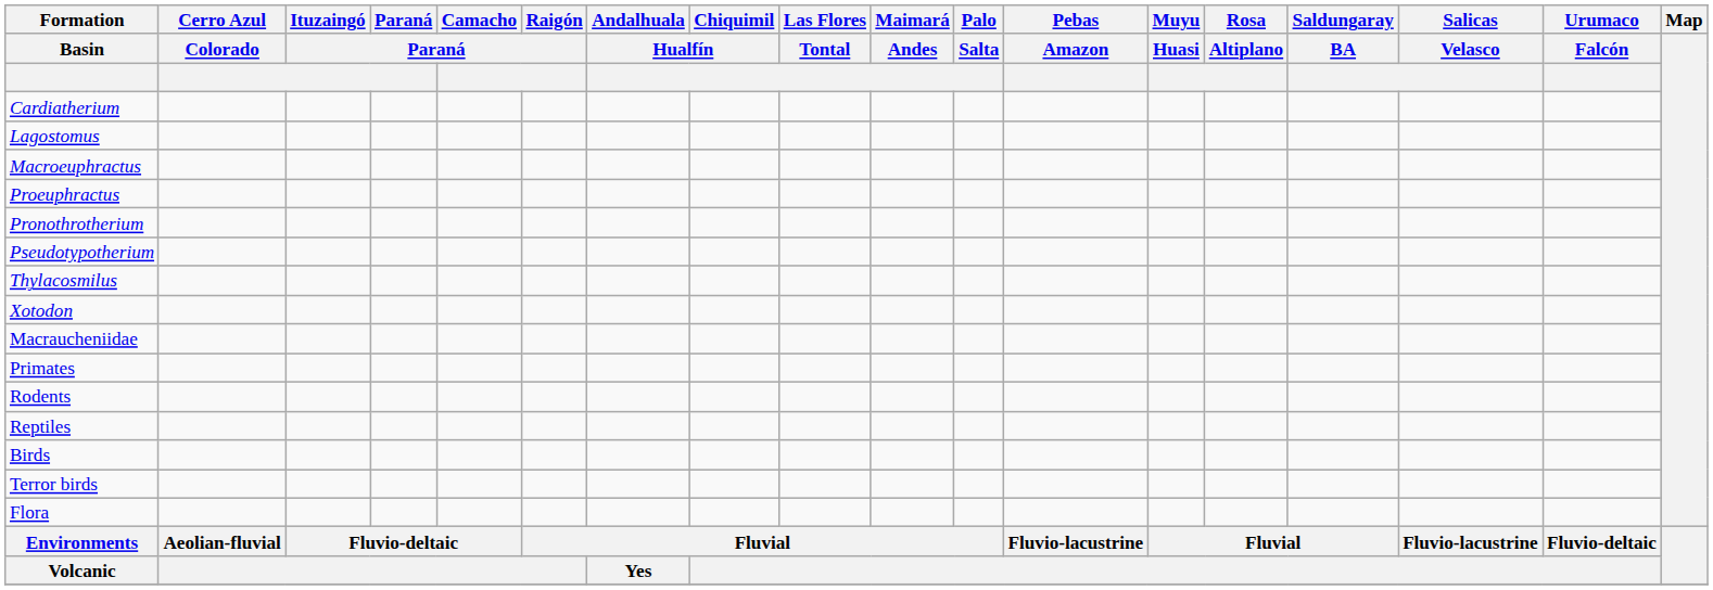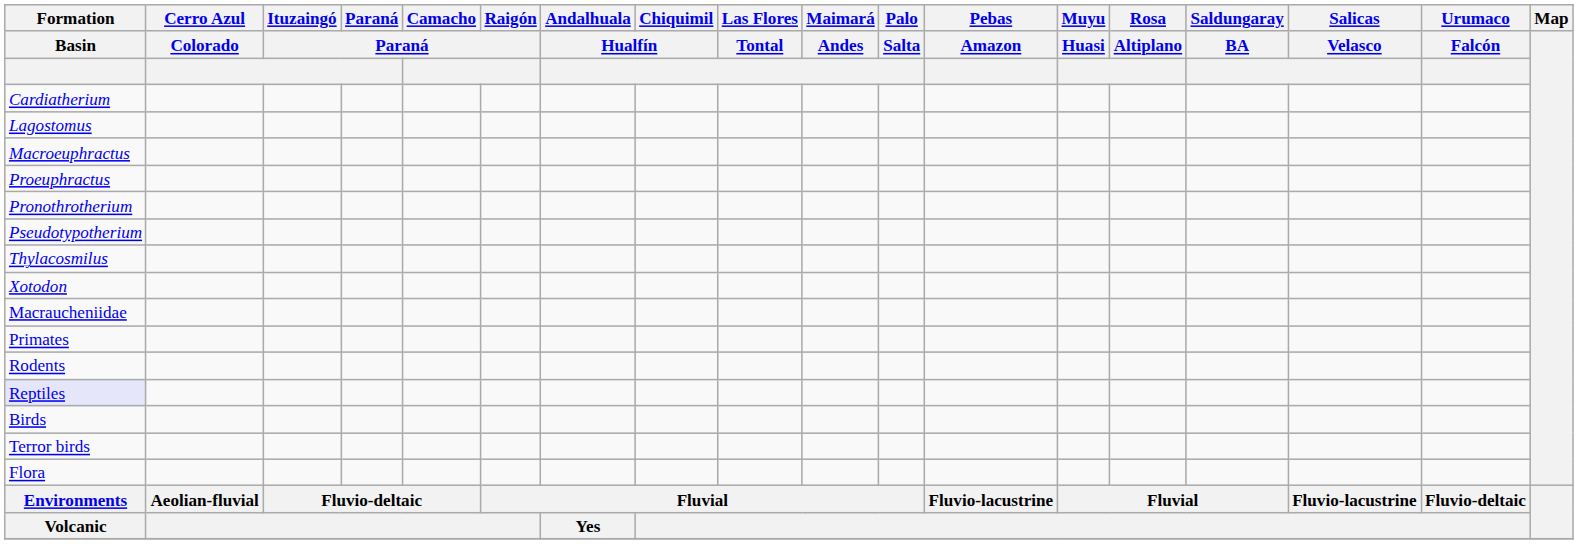 <table class="wikitable" style="font-size: 70%">
 <tr>
 <th>Formation</th>
 <th><a href='#'>Cerro Azul</a></th>
 <th><a href='#'>Ituzaingó</a></th>
 <th><a href='#'>Paraná</a></th>
 <th><a href='#'>Camacho</a></th>
 <th><a href='#'>Raigón</a></th>
 <th><a href='#'>Andalhuala</a></th>
 <th><a href='#'>Chiquimil</a></th>
 <th><a href='#'>Las Flores</a></th>
 <th><a href='#'>Maimará</a></th>
 <th><a href='#'>Palo</a></th>
 <th><a href='#'>Pebas</a></th>
 <th><a href='#'>Muyu</a></th>
 <th><a href='#'>Rosa</a></th>
 <th><a href='#'>Saldungaray</a></th>
 <th><a href='#'>Salicas</a></th>
 <th><a href='#'>Urumaco</a></th>
 <th>Map</th>
 </tr>
 <tr>
 <th>Basin</th>
 <th><a href='#'>Colorado</a></th>
 <th colspan=4><a href='#'>Paraná</a></th>
 <th colspan=2><a href='#'>Hualfín</a></th>
 <th><a href='#'>Tontal</a></th>
 <th><a href='#'>Andes</a></th>
 <th><a href='#'>Salta</a></th>
 <th><a href='#'>Amazon</a></th>
 <th><a href='#'>Huasi</a></th>
 <th><a href='#'>Altiplano</a></th>
 <th><a href='#'>BA</a></th>
 <th><a href='#'>Velasco</a></th>
 <th><a href='#'>Falcón</a></th>
 <th align=center rowspan=17></th>
 </tr>
 <tr>
 <th></th>
 <th colspan=3></th>
 <th colspan=2></th>
 <th colspan=5></th>
 <th><br></th>
 <th colspan=2></th>
 <th colspan=2></th>
 <th></th>
 </tr>
 <tr>
 <td><em><a href='#'>Cardiatherium</a></em></td>
 <td align=center></td>
 <td align=center></td>
 <td align=center></td>
 <td align=center></td>
 <td align=center></td>
 <td align=center></td>
 <td align=center></td>
 <td align=center></td>
 <td align=center></td>
 <td align=center></td>
 <td align=center></td>
 <td align=center></td>
 <td align=center></td>
 <td align=center></td>
 <td align=center></td>
 <td align=center></td>
 </tr>
 <tr>
 <td><em><a href='#'>Lagostomus</a></em></td>
 <td align=center></td>
 <td align=center></td>
 <td align=center></td>
 <td align=center></td>
 <td align=center></td>
 <td align=center></td>
 <td align=center></td>
 <td align=center></td>
 <td align=center></td>
 <td align=center></td>
 <td align=center></td>
 <td align=center></td>
 <td align=center></td>
 <td align=center></td>
 <td align=center></td>
 <td></td>
 </tr>
 <tr>
 <td><em><a href='#'>Macroeuphractus</a></em></td>
 <td align=center></td>
 <td align=center></td>
 <td align=center></td>
 <td align=center></td>
 <td align=center></td>
 <td align=center></td>
 <td align=center></td>
 <td align=center></td>
 <td align=center></td>
 <td align=center></td>
 <td align=center></td>
 <td align=center></td>
 <td align=center></td>
 <td align=center></td>
 <td align=center></td>
 <td></td>
 </tr>
 <tr>
 <td><em><a href='#'>Proeuphractus</a></em></td>
 <td align=center></td>
 <td align=center></td>
 <td align=center></td>
 <td align=center></td>
 <td align=center></td>
 <td align=center></td>
 <td align=center></td>
 <td align=center></td>
 <td align=center></td>
 <td align=center></td>
 <td align=center></td>
 <td align=center></td>
 <td align=center></td>
 <td align=center></td>
 <td align=center></td>
 <td align=center></td>
 </tr>
 <tr>
 <td><em><a href='#'>Pronothrotherium</a></em></td>
 <td align=center></td>
 <td align=center></td>
 <td align=center></td>
 <td align=center></td>
 <td align=center></td>
 <td align=center></td>
 <td align=center></td>
 <td align=center></td>
 <td align=center></td>
 <td align=center></td>
 <td align=center></td>
 <td align=center></td>
 <td align=center></td>
 <td align=center></td>
 <td align=center></td>
 <td align=center></td>
 </tr>
 <tr>
 <td><em><a href='#'>Pseudotypotherium</a></em></td>
 <td align=center></td>
 <td align=center></td>
 <td align=center></td>
 <td align=center></td>
 <td align=center></td>
 <td align=center></td>
 <td align=center></td>
 <td align=center></td>
 <td align=center></td>
 <td align=center></td>
 <td align=center></td>
 <td align=center></td>
 <td align=center></td>
 <td align=center></td>
 <td align=center></td>
 <td align=center></td>
 </tr>
 <tr>
 <td><em><a href='#'>Thylacosmilus</a></em></td>
 <td align=center></td>
 <td align=center></td>
 <td align=center></td>
 <td align=center></td>
 <td align=center></td>
 <td align=center></td>
 <td align=center></td>
 <td align=center></td>
 <td align=center></td>
 <td align=center></td>
 <td align=center></td>
 <td align=center></td>
 <td align=center></td>
 <td align=center></td>
 <td align=center></td>
 <td></td>
 </tr>
 <tr>
 <td><em><a href='#'>Xotodon</a></em></td>
 <td align=center></td>
 <td align=center></td>
 <td align=center></td>
 <td align=center></td>
 <td align=center></td>
 <td align=center></td>
 <td align=center></td>
 <td align=center></td>
 <td align=center></td>
 <td align=center></td>
 <td align=center></td>
 <td align=center></td>
 <td align=center></td>
 <td align=center></td>
 <td align=center></td>
 <td align=center></td>
 </tr>
 <tr>
 <td><a href='#'>Macraucheniidae</a></td>
 <td align=center></td>
 <td align=center></td>
 <td align=center></td>
 <td align=center></td>
 <td align=center></td>
 <td align=center></td>
 <td align=center></td>
 <td align=center></td>
 <td align=center></td>
 <td align=center></td>
 <td align=center></td>
 <td align=center></td>
 <td align=center></td>
 <td align=center></td>
 <td align=center></td>
 <td align=center></td>
 </tr>
 <tr>
 <td><a href='#'>Primates</a></td>
 <td align=center></td>
 <td align=center></td>
 <td align=center></td>
 <td align=center></td>
 <td align=center></td>
 <td align=center></td>
 <td align=center></td>
 <td align=center></td>
 <td align=center></td>
 <td align=center></td>
 <td align=center></td>
 <td align=center></td>
 <td align=center></td>
 <td align=center></td>
 <td align=center></td>
 <td align=center></td>
 </tr>
 <tr>
 <td><a href='#'>Rodents</a></td>
 <td align=center></td>
 <td align=center></td>
 <td align=center></td>
 <td align=center></td>
 <td align=center></td>
 <td align=center></td>
 <td align=center></td>
 <td align=center></td>
 <td align=center></td>
 <td align=center></td>
 <td align=center></td>
 <td align=center></td>
 <td align=center></td>
 <td align=center></td>
 <td align=center></td>
 <td align=center></td>
 </tr>
 <tr>
-<td><a href='#'>Reptiles</a></td>
+<td style="background: lavender;"><a href='#'>Reptiles</a></td>
 <td align=center></td>
 <td align=center></td>
 <td align=center></td>
 <td align=center></td>
 <td align=center></td>
 <td align=center></td>
 <td align=center></td>
 <td align=center></td>
 <td align=center></td>
 <td align=center></td>
 <td align=center></td>
 <td align=center></td>
 <td align=center></td>
 <td align=center></td>
 <td align=center></td>
 <td align=center></td>
 </tr>
 <tr>
 <td><a href='#'>Birds</a></td>
 <td align=center></td>
 <td align=center></td>
 <td align=center></td>
 <td align=center></td>
 <td align=center></td>
 <td align=center></td>
 <td align=center></td>
 <td align=center></td>
 <td align=center></td>
 <td align=center></td>
 <td align=center></td>
 <td></td>
 <td align=center></td>
 <td align=center></td>
 <td align=center></td>
 <td align=center></td>
 </tr>
 <tr>
 <td><a href='#'>Terror birds</a></td>
 <td align=center></td>
 <td align=center></td>
 <td align=center></td>
 <td align=center></td>
 <td align=center></td>
 <td align=center></td>
 <td align=center></td>
 <td align=center></td>
 <td align=center></td>
 <td align=center></td>
 <td align=center></td>
 <td align=center></td>
 <td align=center></td>
 <td align=center></td>
 <td align=center></td>
 <td align=center></td>
 </tr>
 <tr>
 <td><a href='#'>Flora</a></td>
 <td align=center></td>
 <td align=center></td>
 <td align=center></td>
 <td align=center></td>
 <td align=center></td>
 <td align=center></td>
 <td align=center></td>
 <td align=center></td>
 <td align=center></td>
 <td align=center></td>
 <td align=center></td>
 <td align=center></td>
 <td align=center></td>
 <td align=center></td>
 <td align=center></td>
 <td align=center></td>
 </tr>
 <tr>
 <th><a href='#'>Environments</a></th>
 <th>Aeolian-fluvial</th>
 <th colspan=3>Fluvio-deltaic</th>
 <th colspan=6>Fluvial</th>
 <th>Fluvio-lacustrine</th>
 <th colspan=3>Fluvial</th>
 <th>Fluvio-lacustrine</th>
 <th>Fluvio-deltaic</th>
 <th rowspan=2 align=left><br><br></th>
 </tr>
 <tr>
 <th>Volcanic</th>
 <th colspan=5></th>
 <th>Yes</th>
 <th colspan=10></th>
 </tr>
 <tr>
 </tr>
 </table>
